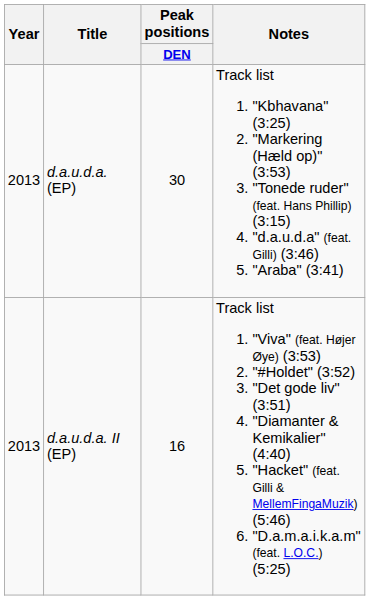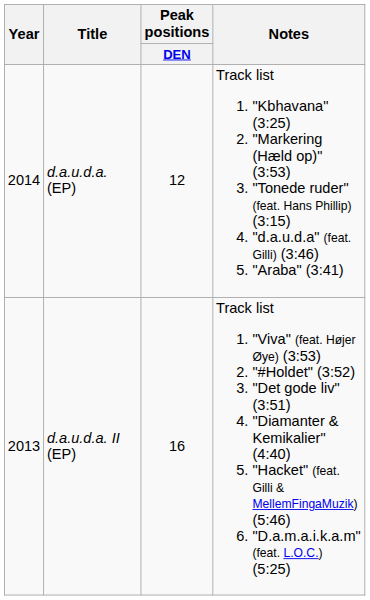 <table class="wikitable">
 <tr>
 <th align="center" rowspan="2" width="10">Year</th>
 <th align="center" rowspan="2" width="100">Title</th>
 <th align="center" colspan="1" width="20">Peak positions</th>
 <th align="center" rowspan="2" width="160">Notes</th>
 </tr>
 <tr>
 <th scope="col" style="width:3em;font-size:90%;"><a href='#'>DEN</a><br></th>
 </tr>
 <tr>
-<td style="text-align:center;">2013</td>
+<td style="text-align:center;">2014</td>
 <td><em>d.a.u.d.a.</em> (EP)</td>
-<td style="text-align:center;">30</td>
+<td style="text-align:center;">12</td>
 <td>Track list<br><ol><li>"Kbhavana" (3:25)</li><li>"Markering (Hæld op)" (3:53)</li><li>"Tonede ruder" <small>(feat. Hans Phillip)</small> (3:15)</li><li>"d.a.u.d.a" <small>(feat. Gilli)</small> (3:46)</li><li>"Araba" (3:41)</li></ol></td>
 </tr>
 <tr>
 <td style="text-align:center;">2013</td>
 <td><em>d.a.u.d.a. II</em> (EP)</td>
 <td style="text-align:center;">16</td>
 <td>Track list<br><ol><li>"Viva" <small>(feat. Højer Øye)</small> (3:53)</li><li>"#Holdet" (3:52)</li><li>"Det gode liv" (3:51)</li><li>"Diamanter & Kemikalier" (4:40)</li><li>"Hacket" <small>(feat. Gilli & <a href='#'>MellemFingaMuzik</a>)</small> (5:46)</li><li>"D.a.m.a.i.k.a.m" <small>(feat. <a href='#'>L.O.C.</a>)</small> (5:25)</li></ol></td>
 </tr>
 </table>
